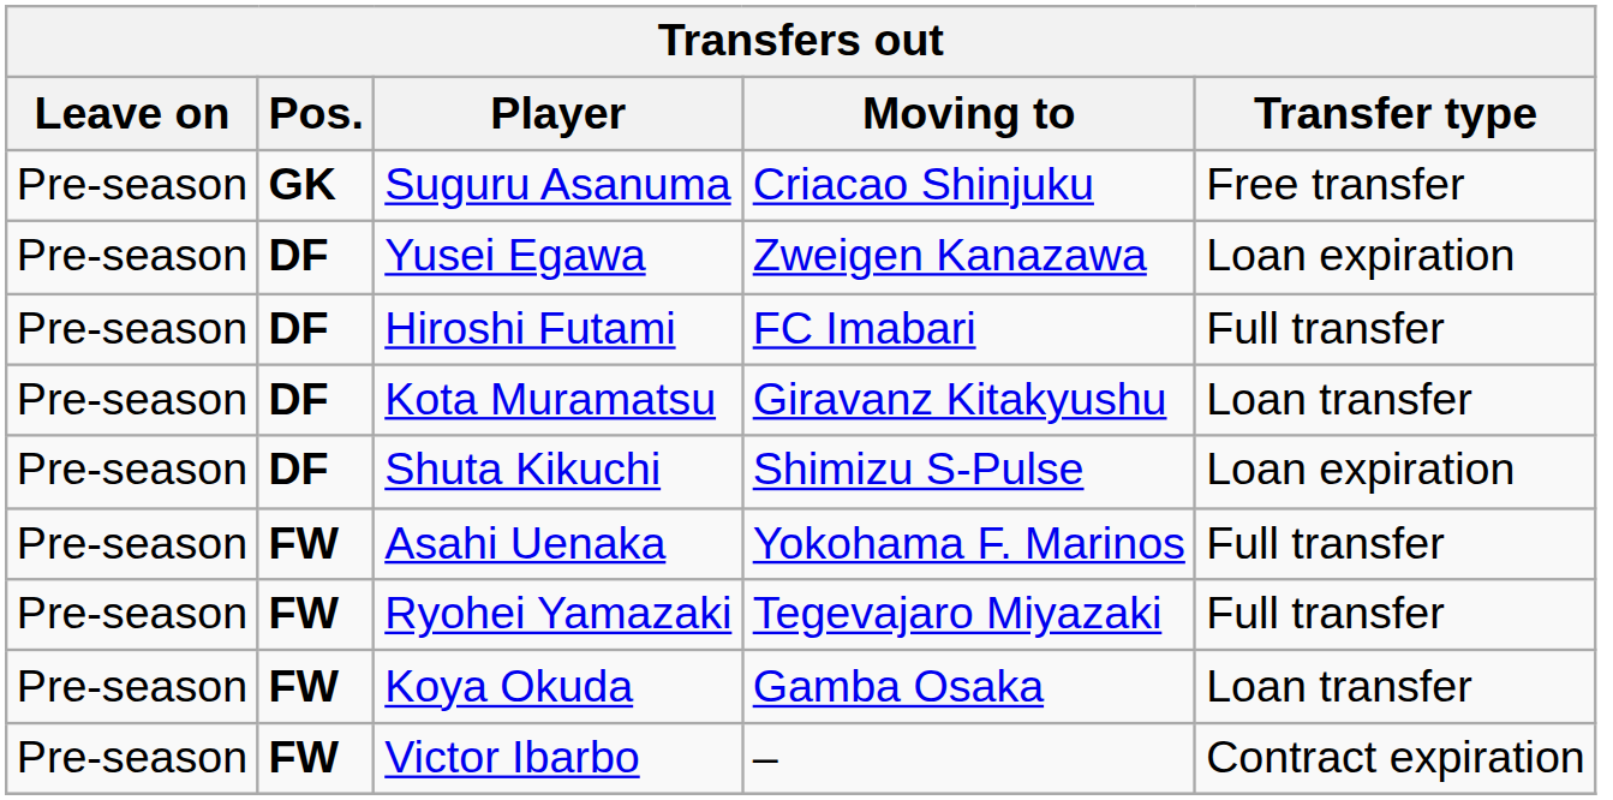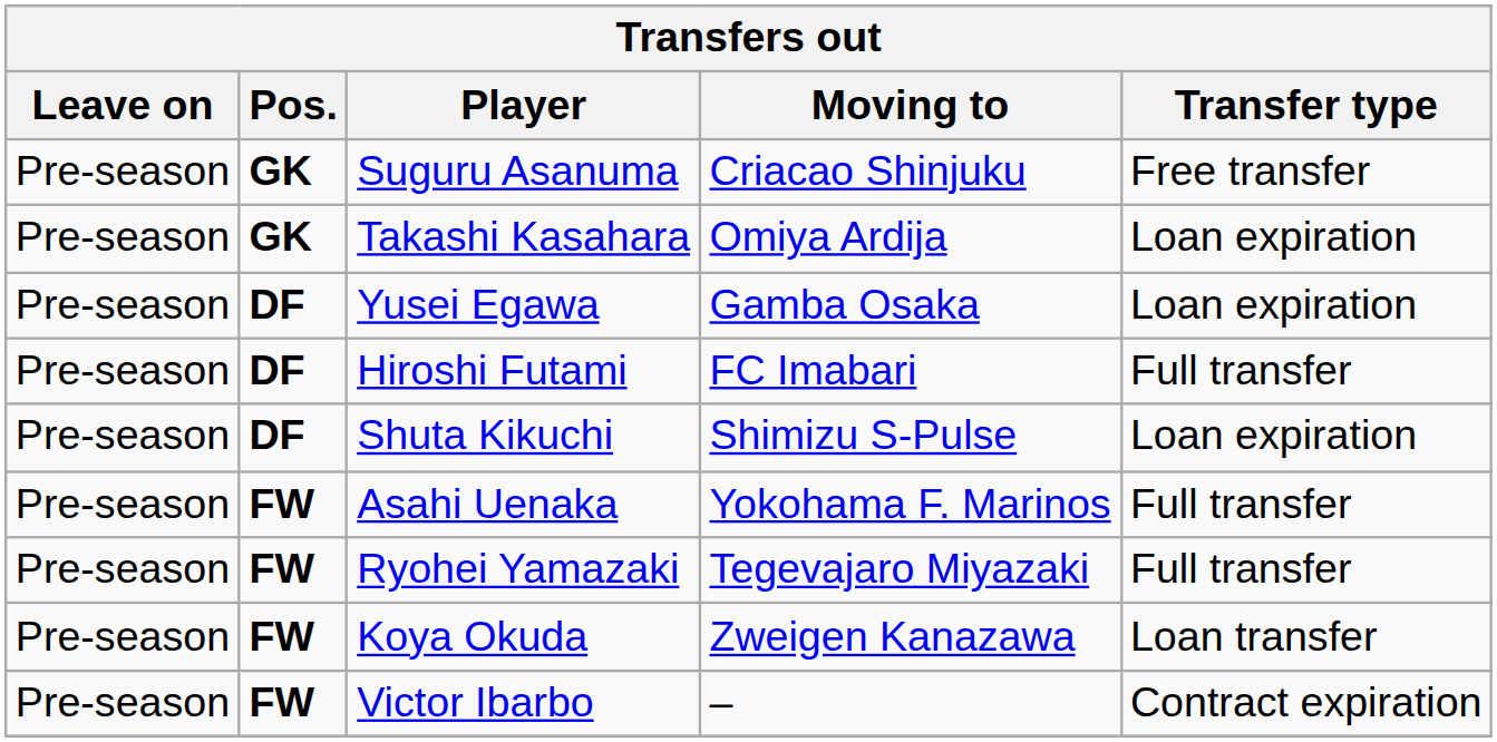 <table class="wikitable sortable" style=“text-align:left;>
 <tr>
 <th colspan="5">Transfers out</th>
 </tr>
 <tr>
 <th>Leave on</th>
 <th>Pos.</th>
 <th>Player</th>
 <th>Moving to</th>
 <th>Transfer type</th>
 </tr>
 <tr>
 <td>Pre-season</td>
 <td><strong>GK</strong></td>
 <td> <a href='#'>Suguru Asanuma</a></td>
 <td> <a href='#'>Criacao Shinjuku</a></td>
 <td>Free transfer</td>
 </tr>
 <tr>
 <td>Pre-season</td>
+<td><strong>GK</strong></td>
+<td> <a href='#'>Takashi Kasahara</a></td>
+<td> <a href='#'>Omiya Ardija</a></td>
+<td>Loan expiration</td>
+</tr>
+<tr>
+<td>Pre-season</td>
 <td><strong>DF</strong></td>
 <td> <a href='#'>Yusei Egawa</a></td>
-<td> <a href='#'>Zweigen Kanazawa</a></td>
+<td> <a href='#'>Gamba Osaka</a></td>
 <td>Loan expiration</td>
 </tr>
 <tr>
 <td>Pre-season</td>
 <td><strong>DF</strong></td>
 <td> <a href='#'>Hiroshi Futami</a></td>
 <td> <a href='#'>FC Imabari</a></td>
 <td>Full transfer</td>
-</tr>
-<tr>
-<td>Pre-season</td>
-<td><strong>DF</strong></td>
-<td> <a href='#'>Kota Muramatsu</a></td>
-<td> <a href='#'>Giravanz Kitakyushu</a></td>
-<td>Loan transfer</td>
 </tr>
 <tr>
 <td>Pre-season</td>
 <td><strong>DF</strong></td>
 <td> <a href='#'>Shuta Kikuchi</a></td>
 <td> <a href='#'>Shimizu S-Pulse</a></td>
 <td>Loan expiration</td>
 </tr>
 <tr>
 <td>Pre-season</td>
 <td><strong>FW</strong></td>
 <td> <a href='#'>Asahi Uenaka</a></td>
 <td> <a href='#'>Yokohama F. Marinos</a></td>
 <td>Full transfer</td>
 </tr>
 <tr>
 <td>Pre-season</td>
 <td><strong>FW</strong></td>
 <td> <a href='#'>Ryohei Yamazaki</a></td>
 <td> <a href='#'>Tegevajaro Miyazaki</a></td>
 <td>Full transfer</td>
 </tr>
 <tr>
 <td>Pre-season</td>
 <td><strong>FW</strong></td>
 <td> <a href='#'>Koya Okuda</a></td>
-<td> <a href='#'>Gamba Osaka</a></td>
+<td> <a href='#'>Zweigen Kanazawa</a></td>
 <td>Loan transfer</td>
 </tr>
 <tr>
 <td>Pre-season</td>
 <td><strong>FW</strong></td>
 <td> <a href='#'>Victor Ibarbo</a></td>
 <td>–</td>
 <td>Contract expiration</td>
 </tr>
 <tr>
 </tr>
 </table>
